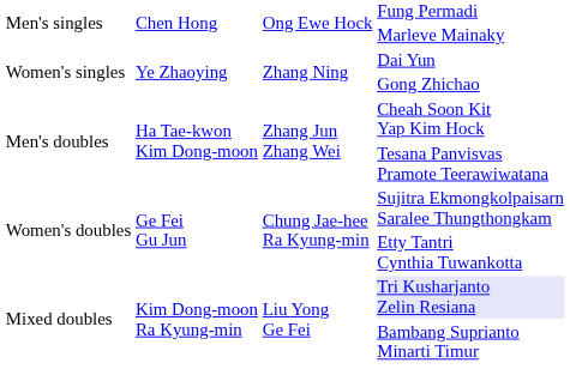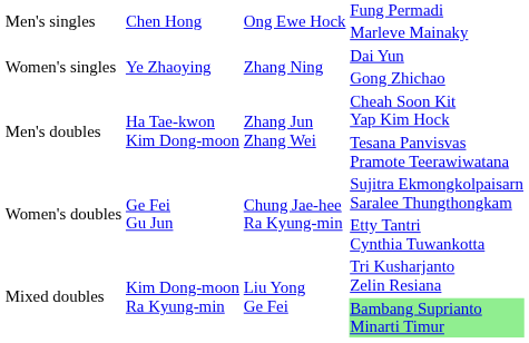 <table>
 <tr>
 <td rowspan="2">Men's singles</td>
 <td rowspan="2"> <a href='#'>Chen Hong</a></td>
 <td rowspan="2"> <a href='#'>Ong Ewe Hock</a></td>
 <td> <a href='#'>Fung Permadi</a></td>
 </tr>
 <tr>
 <td> <a href='#'>Marleve Mainaky</a></td>
 </tr>
 <tr>
 <td rowspan="2">Women's singles</td>
 <td rowspan="2"> <a href='#'>Ye Zhaoying</a></td>
 <td rowspan="2"> <a href='#'>Zhang Ning</a></td>
 <td> <a href='#'>Dai Yun</a></td>
 </tr>
 <tr>
 <td> <a href='#'>Gong Zhichao</a></td>
 </tr>
 <tr>
 <td rowspan="2">Men's doubles</td>
 <td rowspan="2"> <a href='#'>Ha Tae-kwon</a> <br>  <a href='#'>Kim Dong-moon</a></td>
 <td rowspan="2"> <a href='#'>Zhang Jun</a> <br>  <a href='#'>Zhang Wei</a></td>
 <td> <a href='#'>Cheah Soon Kit</a> <br>  <a href='#'>Yap Kim Hock</a></td>
 </tr>
 <tr>
 <td> <a href='#'>Tesana Panvisvas</a> <br>  <a href='#'>Pramote Teerawiwatana</a></td>
 </tr>
 <tr>
 <td rowspan="2">Women's doubles</td>
 <td rowspan="2"> <a href='#'>Ge Fei</a> <br>  <a href='#'>Gu Jun</a></td>
 <td rowspan="2"> <a href='#'>Chung Jae-hee</a> <br>  <a href='#'>Ra Kyung-min</a></td>
 <td> <a href='#'>Sujitra Ekmongkolpaisarn</a> <br>  <a href='#'>Saralee Thungthongkam</a></td>
 </tr>
 <tr>
 <td> <a href='#'>Etty Tantri</a> <br>  <a href='#'>Cynthia Tuwankotta</a></td>
 </tr>
 <tr>
 <td rowspan="2">Mixed doubles</td>
 <td rowspan="2"> <a href='#'>Kim Dong-moon</a> <br>  <a href='#'>Ra Kyung-min</a></td>
 <td rowspan="2"> <a href='#'>Liu Yong</a> <br>  <a href='#'>Ge Fei</a></td>
-<td style="background: lavender;"> <a href='#'>Tri Kusharjanto</a> <br>  <a href='#'>Zelin Resiana</a></td>
+<td> <a href='#'>Tri Kusharjanto</a> <br>  <a href='#'>Zelin Resiana</a></td>
 </tr>
 <tr>
-<td> <a href='#'>Bambang Suprianto</a> <br>  <a href='#'>Minarti Timur</a></td>
+<td style="background: lightgreen;"> <a href='#'>Bambang Suprianto</a> <br>  <a href='#'>Minarti Timur</a></td>
 </tr>
 </table>
